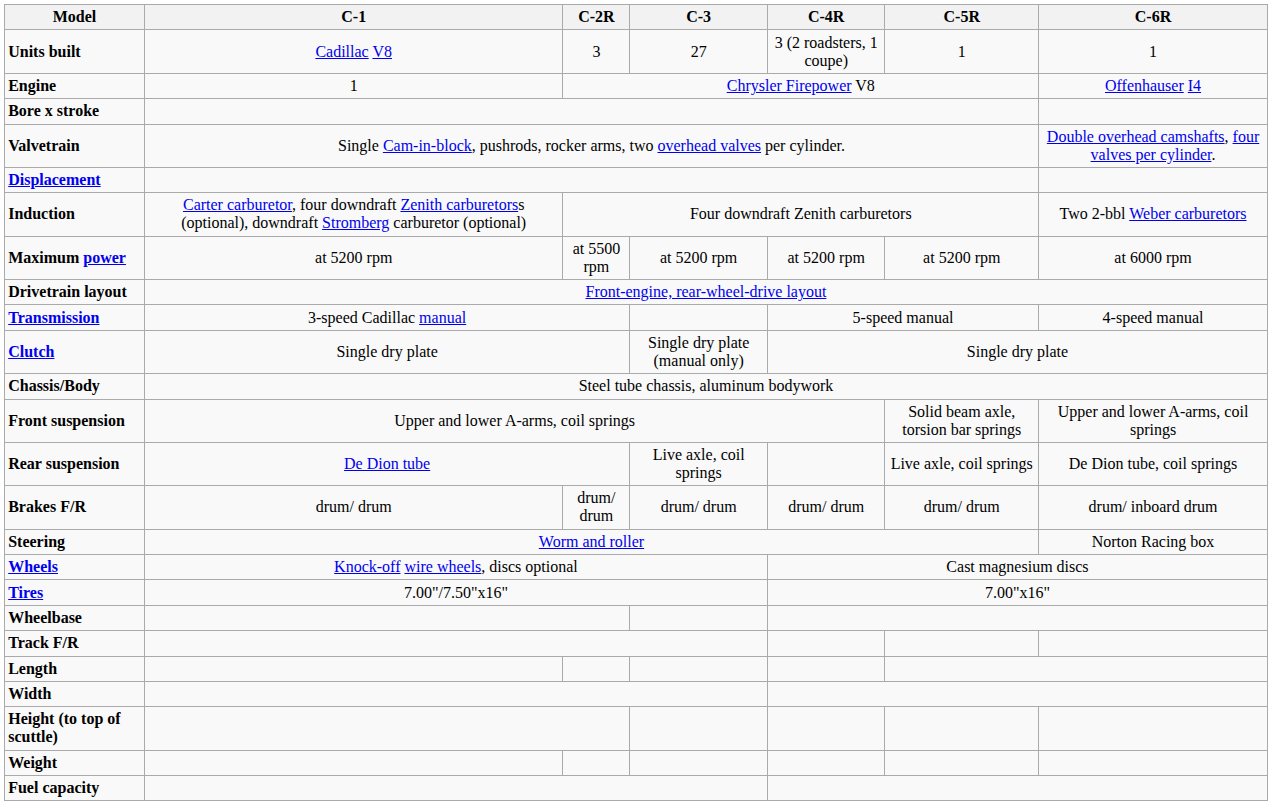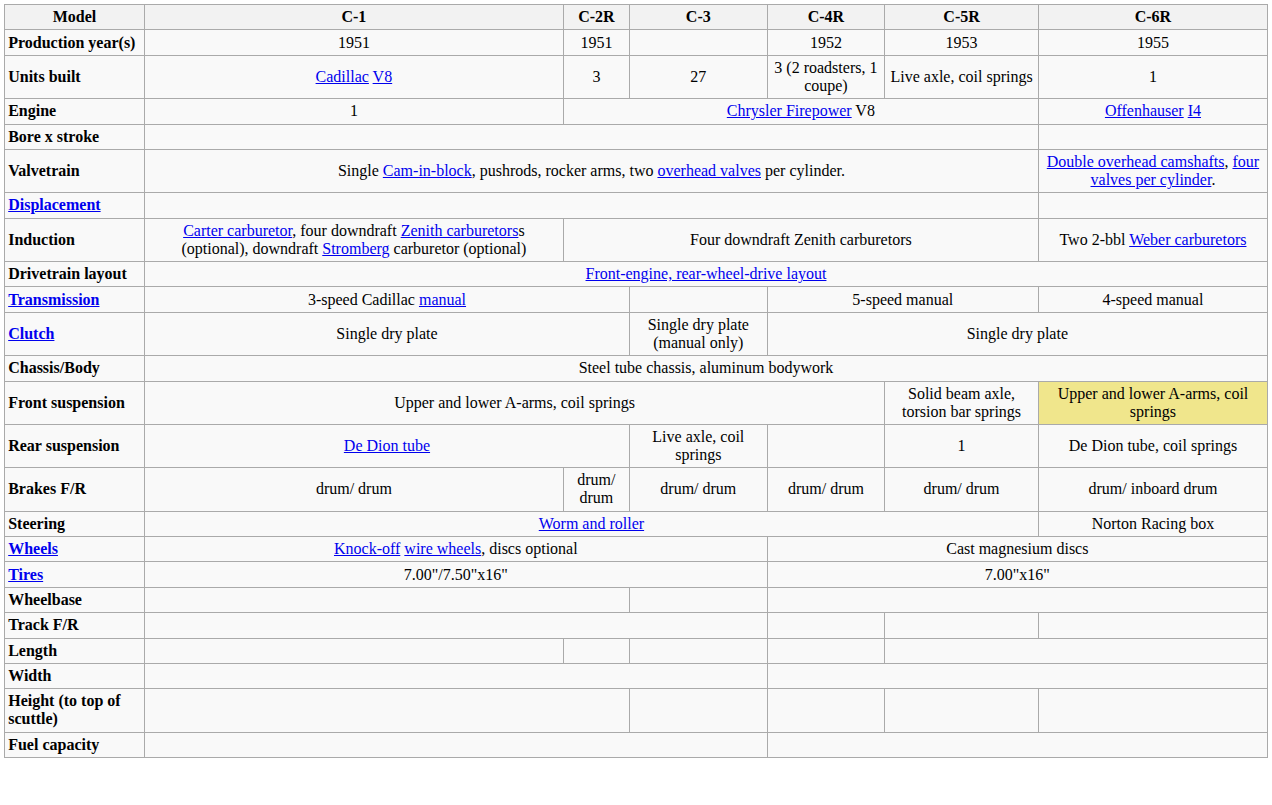 <table class="wikitable" style="width:100%; align:center; text-align:center">
 <tr>
 <th>Model</th>
 <th>C-1</th>
 <th>C-2R</th>
 <th>C-3</th>
 <th>C-4R</th>
 <th>C-5R</th>
 <th>C-6R</th>
 </tr>
 <tr>
+<td align=left><strong>Production year(s)</strong></td>
+<td>1951</td>
+<td>1951</td>
+<td></td>
+<td>1952</td>
+<td>1953</td>
+<td>1955</td>
+</tr>
+<tr>
 <td align=left><strong>Units built</strong></td>
 <td><a href='#'>Cadillac</a> <a href='#'>V8</a></td>
 <td>3</td>
 <td>27</td>
 <td>3 (2 roadsters, 1 coupe)</td>
-<td>1</td>
+<td>Live axle, coil springs</td>
 <td>1</td>
 </tr>
 <tr>
 <td align=left><strong>Engine</strong></td>
 <td>1</td>
 <td colspan="4"><a href='#'>Chrysler Firepower</a> V8</td>
 <td><a href='#'>Offenhauser</a> <a href='#'>I4</a></td>
 </tr>
 <tr>
 <td align=left><strong>Bore x stroke</strong></td>
 <td colspan="5"></td>
 <td></td>
 </tr>
 <tr>
 <td align=left><strong>Valvetrain</strong></td>
 <td colspan="5">Single <a href='#'>Cam-in-block</a>, pushrods, rocker arms, two <a href='#'>overhead valves</a> per cylinder.</td>
 <td><a href='#'>Double overhead camshafts</a>, <a href='#'>four valves per cylinder</a>.</td>
 </tr>
 <tr>
 <td align=left><strong><a href='#'>Displacement</a></strong></td>
 <td colspan="5"></td>
 <td></td>
 </tr>
 <tr>
 <td align=left><strong>Induction</strong></td>
 <td><a href='#'>Carter carburetor</a>, four downdraft <a href='#'>Zenith carburetors</a>s (optional), downdraft <a href='#'>Stromberg</a> carburetor (optional)</td>
 <td colspan="4">Four downdraft Zenith carburetors</td>
 <td>Two 2-bbl <a href='#'>Weber carburetors</a></td>
 </tr>
 <tr>
-<td align=left><strong>Maximum <a href='#'>power</a></strong></td>
-<td> at 5200 rpm</td>
-<td> at 5500 rpm</td>
-<td> at 5200 rpm</td>
-<td> at 5200 rpm</td>
-<td> at 5200 rpm</td>
-<td> at 6000 rpm</td>
-</tr>
-<tr>
 <td align=left><strong>Drivetrain layout</strong></td>
 <td colspan="6"><a href='#'>Front-engine, rear-wheel-drive layout</a></td>
 </tr>
 <tr>
 <td align=left><strong><a href='#'>Transmission</a></strong></td>
 <td colspan="2">3-speed Cadillac <a href='#'>manual</a></td>
 <td></td>
 <td colspan="2">5-speed manual</td>
 <td>4-speed manual</td>
 </tr>
 <tr>
 <td align=left><strong><a href='#'>Clutch</a></strong></td>
 <td colspan="2">Single dry plate</td>
 <td>Single dry plate (manual only)</td>
 <td colspan="3">Single dry plate</td>
 </tr>
 <tr>
 <td align=left><strong>Chassis/Body</strong></td>
 <td colspan="6">Steel tube chassis, aluminum bodywork</td>
 </tr>
 <tr>
 <td align=left><strong>Front suspension</strong></td>
 <td colspan="4">Upper and lower A-arms, coil springs</td>
 <td>Solid beam axle, torsion bar springs</td>
-<td>Upper and lower A-arms, coil springs</td>
+<td style="background: khaki;">Upper and lower A-arms, coil springs</td>
 </tr>
 <tr>
 <td align=left><strong>Rear suspension</strong></td>
 <td colspan="2"><a href='#'>De Dion tube</a></td>
 <td>Live axle, coil springs</td>
 <td></td>
-<td>Live axle, coil springs</td>
+<td>1</td>
 <td>De Dion tube, coil springs</td>
 </tr>
 <tr>
 <td align=left><strong>Brakes F/R</strong></td>
 <td> drum/ drum</td>
 <td> drum/ drum</td>
 <td> drum/ drum</td>
 <td> drum/ drum</td>
 <td> drum/ drum</td>
 <td> drum/ inboard drum</td>
 </tr>
 <tr>
 <td align=left><strong>Steering</strong></td>
 <td colspan="5"><a href='#'>Worm and roller</a></td>
 <td>Norton Racing box</td>
 </tr>
 <tr>
 <td align=left><strong><a href='#'>Wheels</a></strong></td>
 <td colspan="3"><a href='#'>Knock-off</a> <a href='#'>wire wheels</a>, discs optional</td>
 <td colspan="3">Cast magnesium discs</td>
 </tr>
 <tr>
 <td align=left><strong><a href='#'>Tires</a></strong></td>
 <td colspan="3">7.00"/7.50"x16"</td>
 <td colspan="3">7.00"x16"</td>
 </tr>
 <tr>
 <td align=left><strong>Wheelbase</strong></td>
 <td colspan="2"></td>
 <td></td>
 <td colspan="3"></td>
 </tr>
 <tr>
 <td align=left><strong>Track F/R</strong></td>
 <td colspan="3"></td>
 <td></td>
 <td></td>
 <td></td>
 </tr>
 <tr>
 <td align=left><strong>Length</strong></td>
 <td></td>
 <td></td>
 <td></td>
 <td></td>
 <td colspan="2"></td>
 </tr>
 <tr>
 <td align=left><strong>Width</strong></td>
 <td colspan="3"></td>
 <td colspan="3"></td>
 </tr>
 <tr>
 <td align=left><strong>Height (to top of scuttle)</strong></td>
 <td colspan="2"></td>
 <td></td>
 <td></td>
 <td></td>
 <td></td>
 </tr>
 <tr>
-<td align=left><strong>Weight</strong></td>
-<td></td>
-<td></td>
-<td></td>
-<td></td>
-<td></td>
-<td></td>
-</tr>
-<tr>
 <td align=left><strong>Fuel capacity</strong></td>
 <td colspan="3"></td>
 <td colspan="3"></td>
 </tr>
 </table>
